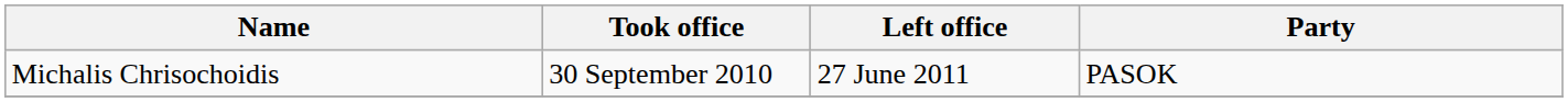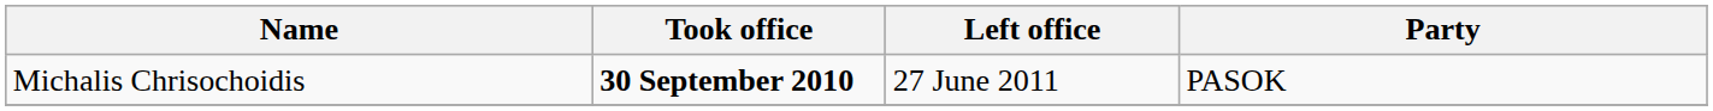 <table class="wikitable">
 <tr>
 <th width="20%">Name</th>
 <th width="10%">Took office</th>
 <th width="10%">Left office</th>
 <th width="18%">Party</th>
 </tr>
 <tr>
 <td>Michalis Chrisochoidis</td>
-<td>30 September 2010</td>
+<td><strong>30 September 2010</strong></td>
 <td>27 June 2011</td>
 <td>PASOK</td>
 </tr>
 <tr>
 </tr>
 </table>
